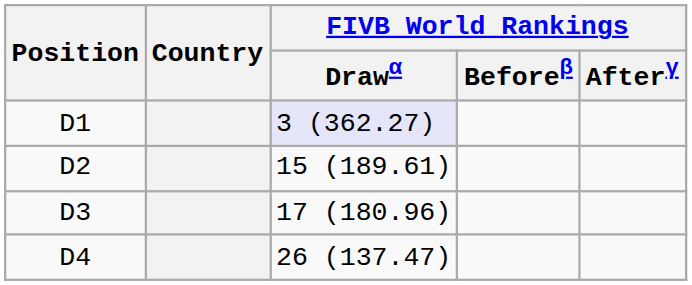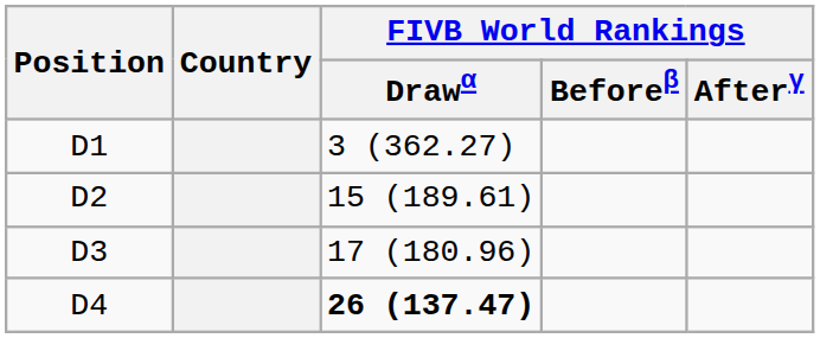 <table class="wikitable sortable plainrowheaders sticky-header col3right col4center col5center col6center" style="font-size:90%; white-space:nowrap">
 <tr>
 <th rowspan=2>Position</th>
 <th rowspan=2>Country</th>
 <th colspan=3><a href='#'>FIVB World Rankings</a></th>
 </tr>
 <tr>
 <th>Draw<sup><strong><a href='#'>α</a></strong></sup></th>
 <th>Before<sup><strong><a href='#'>β</a></strong></sup></th>
 <th>After<sup><strong><a href='#'>γ</a></strong></sup></th>
 </tr>
 <tr>
 <td style="text-align:center">D1</td>
 <th scope="row"></th>
-<td style="background: lavender;">3 (362.27)</td>
+<td>3 (362.27)</td>
 <td></td>
 <td></td>
 </tr>
 <tr>
 <td style="text-align:center">D2</td>
 <th scope="row"></th>
 <td>15 (189.61)</td>
 <td></td>
 <td></td>
 </tr>
 <tr>
 <td style="text-align:center">D3</td>
 <th scope="row"></th>
 <td>17 (180.96)</td>
 <td></td>
 <td></td>
 </tr>
 <tr>
 <td style="text-align:center">D4</td>
 <th scope="row"></th>
-<td>26 (137.47)</td>
+<td><strong>26 (137.47)</strong></td>
 <td></td>
 <td></td>
 </tr>
 </table>
